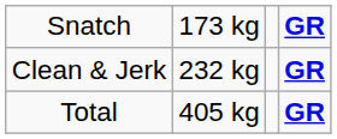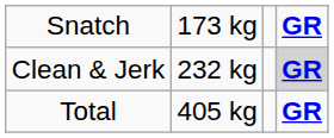 <table class = "wikitable" style="text-align:center;">
 <tr>
 <td>Snatch</td>
 <td>173 kg</td>
 <td align=left></td>
 <td><strong><a href='#'>GR</a></strong></td>
 </tr>
 <tr>
 <td>Clean & Jerk</td>
 <td>232 kg</td>
 <td align=left></td>
-<td><strong><a href='#'>GR</a></strong></td>
+<td style="background: lightgrey;"><strong><a href='#'>GR</a></strong></td>
 </tr>
 <tr>
 <td>Total</td>
 <td>405 kg</td>
 <td align=left></td>
 <td><strong><a href='#'>GR</a></strong></td>
 </tr>
 </table>
